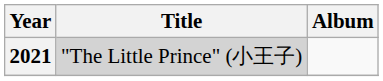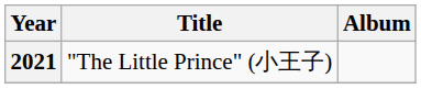 <table class="wikitable plainrowheaders">
 <tr>
 <th rowspan="1" scope="col">Year</th>
 <th rowspan="1" scope="col">Title</th>
 <th rowspan="1" scope="col">Album</th>
 </tr>
 <tr>
 <th scope="row">2021</th>
-<td style="background: lightgrey;">"The Little Prince" (小王子)</td>
+<td>"The Little Prince" (小王子)</td>
 <td></td>
 </tr>
 <tr>
 </tr>
 </table>
